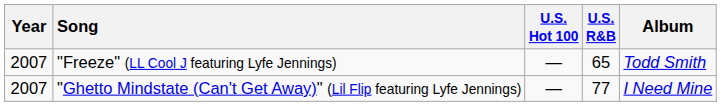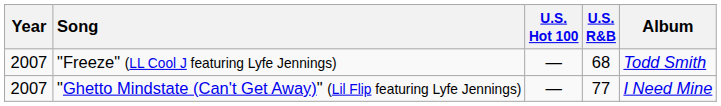 <table class="wikitable" style="text-align:center;">
 <tr>
 <th style="width:40px;">Year</th>
 <th style="text-align:left;">Song</th>
 <th><small><a href='#'>U.S. <br>Hot 100</a></small></th>
 <th><small><a href='#'>U.S. <br>R&B</a></small></th>
 <th>Album</th>
 </tr>
 <tr>
 <td>2007</td>
 <td style="text-align:left; ">"Freeze" <small>(<a href='#'>LL Cool J</a> featuring Lyfe Jennings)</small></td>
 <td>—</td>
-<td>65</td>
+<td>68</td>
 <td style="text-align:left; "><em><a href='#'>Todd Smith</a></em></td>
 </tr>
 <tr>
 <td>2007</td>
 <td style="text-align:left;">"<a href='#'>Ghetto Mindstate (Can't Get Away)</a>" <small>(<a href='#'>Lil Flip</a> featuring Lyfe Jennings)</small></td>
 <td>—</td>
 <td>77</td>
 <td style="text-align:left;"><em><a href='#'>I Need Mine</a></em></td>
 </tr>
 </table>
